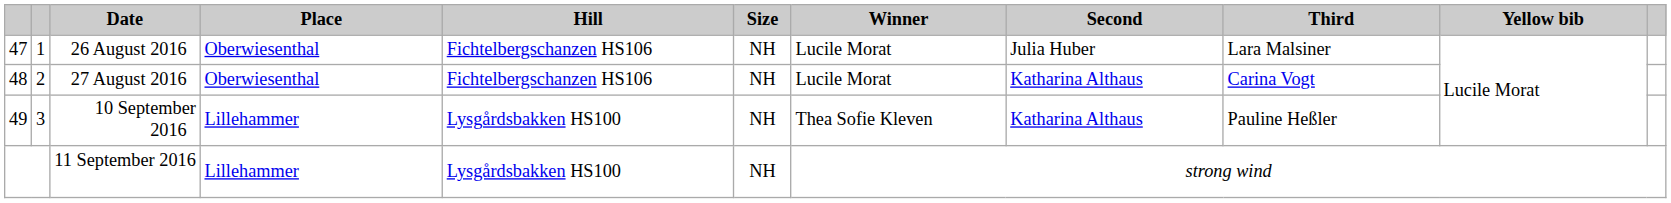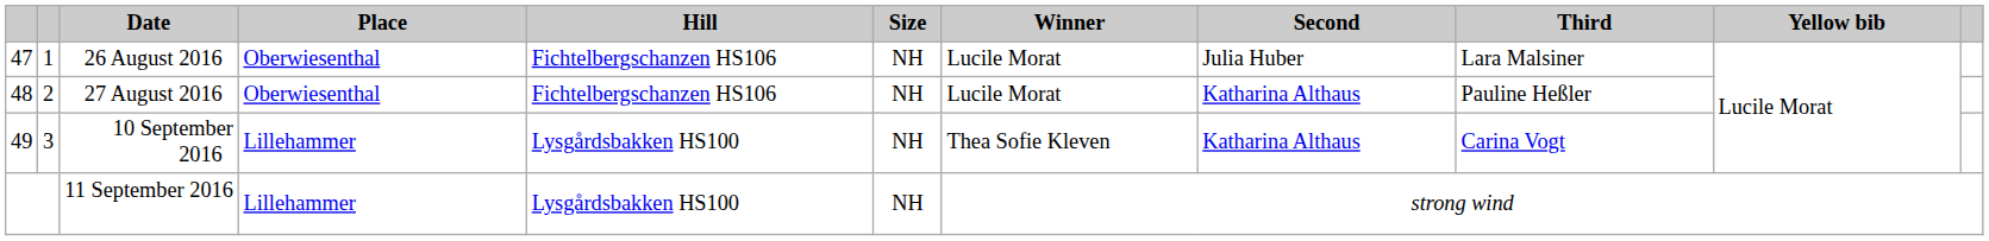 <table class="wikitable plainrowheaders" style="background:#fff; font-size:86%; line-height:16px; border:grey solid 1px; border-collapse:collapse;">
 <tr style="background:#ccc; text-align:center;">
 <th scope="col" style="background:#ccc; width=25 px;"></th>
 <th scope="col" style="background:#ccc; width=30 px;"></th>
 <th scope="col" style="background:#ccc; width:120px;">Date</th>
 <th scope="col" style="background:#ccc; width:200px;">Place</th>
 <th scope="col" style="background:#ccc; width:240px;">Hill</th>
 <th scope="col" style="background:#ccc; width:40px;">Size</th>
 <th scope="col" style="background:#ccc; width:185px;">Winner</th>
 <th scope="col" style="background:#ccc; width:185px;">Second</th>
 <th scope="col" style="background:#ccc; width:185px;">Third</th>
 <th scope="col" style="background:#ccc; width:180px;">Yellow bib</th>
 <th scope="col" style="background:#ccc; width:10px;"></th>
 </tr>
 <tr>
 <td align=center>47</td>
 <td align=center>1</td>
 <td align=right>26 August 2016  </td>
 <td> <a href='#'>Oberwiesenthal</a></td>
 <td><a href='#'>Fichtelbergschanzen</a> HS106</td>
 <td align=center>NH</td>
 <td> Lucile Morat</td>
 <td> Julia Huber</td>
 <td> Lara Malsiner</td>
 <td rowspan=3> Lucile Morat</td>
 <td></td>
 </tr>
 <tr>
 <td align=center>48</td>
 <td align=center>2</td>
 <td align=right>27 August 2016  </td>
 <td> <a href='#'>Oberwiesenthal</a></td>
 <td><a href='#'>Fichtelbergschanzen</a> HS106</td>
 <td align=center>NH</td>
 <td> Lucile Morat</td>
 <td> <a href='#'>Katharina Althaus</a></td>
-<td> <a href='#'>Carina Vogt</a></td>
+<td> Pauline Heßler</td>
 <td></td>
 </tr>
 <tr>
 <td align=center>49</td>
 <td align=center>3</td>
 <td align=right>10 September 2016  </td>
 <td> <a href='#'>Lillehammer</a></td>
 <td><a href='#'>Lysgårdsbakken</a> HS100</td>
 <td align=center>NH</td>
 <td> Thea Sofie Kleven</td>
 <td> <a href='#'>Katharina Althaus</a></td>
-<td> Pauline Heßler</td>
+<td> <a href='#'>Carina Vogt</a></td>
 <td></td>
 </tr>
 <tr>
 <td colspan=2></td>
 <td align=right>11 September 2016  </td>
 <td> <a href='#'>Lillehammer</a></td>
 <td><a href='#'>Lysgårdsbakken</a> HS100</td>
 <td align=center>NH</td>
 <td align=center colspan=5><em>strong wind</em></td>
 </tr>
 </table>
